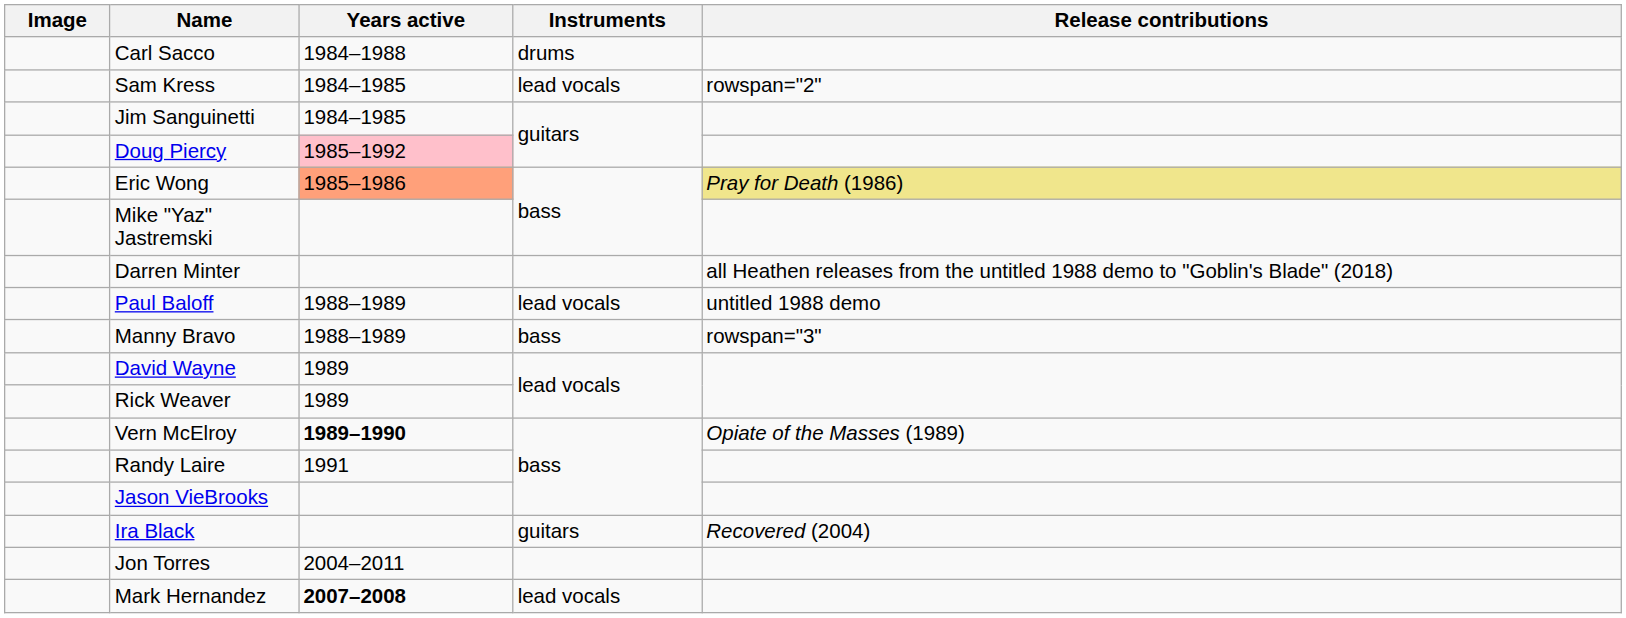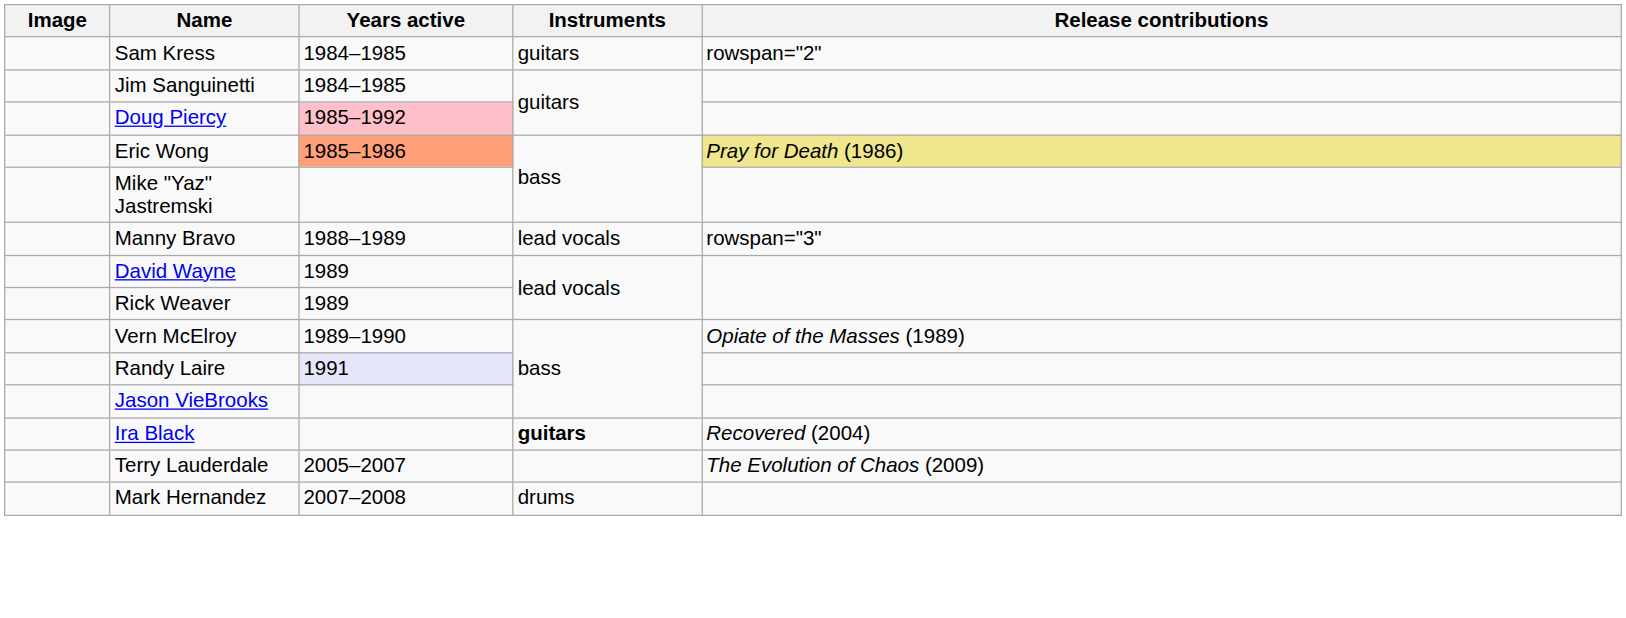 <table class="wikitable" border="1" width=100%>
 <tr>
 <th width="75">Image</th>
 <th width="140">Name</th>
 <th width="160">Years active</th>
 <th width="140">Instruments</th>
 <th>Release contributions</th>
 </tr>
 <tr>
 <td></td>
-<td>Carl Sacco</td>
-<td>1984–1988</td>
-<td>drums</td>
-<td></td>
-</tr>
-<tr>
-<td></td>
 <td>Sam Kress</td>
 <td>1984–1985 </td>
-<td>lead vocals</td>
+<td>guitars</td>
 <td>rowspan="2" </td>
 </tr>
 <tr>
 <td></td>
 <td>Jim Sanguinetti</td>
 <td>1984–1985</td>
 <td rowspan="2">guitars</td>
 </tr>
 <tr>
 <td></td>
 <td><a href='#'>Doug Piercy</a></td>
 <td style="background: pink;">1985–1992</td>
 <td></td>
 </tr>
 <tr>
 <td></td>
 <td>Eric Wong</td>
 <td style="background: lightsalmon;">1985–1986</td>
 <td rowspan="2">bass</td>
 <td style="background: khaki;"><em>Pray for Death</em> (1986)</td>
 </tr>
 <tr>
 <td></td>
 <td>Mike "Yaz" Jastremski</td>
 <td></td>
 <td></td>
 </tr>
 <tr>
 <td></td>
-<td>Darren Minter</td>
-<td></td>
-<td></td>
-<td>all Heathen releases from the untitled 1988 demo to "Goblin's Blade"  (2018)</td>
-</tr>
-<tr>
-<td></td>
-<td><a href='#'>Paul Baloff</a></td>
-<td>1988–1989 </td>
-<td>lead vocals</td>
-<td>untitled 1988 demo</td>
-</tr>
-<tr>
-<td></td>
 <td>Manny Bravo</td>
 <td>1988–1989</td>
-<td>bass</td>
+<td>lead vocals</td>
 <td>rowspan="3" </td>
 </tr>
 <tr>
 <td></td>
 <td><a href='#'>David Wayne</a></td>
 <td>1989 </td>
 <td rowspan="2">lead vocals</td>
 </tr>
 <tr>
 <td></td>
 <td>Rick Weaver</td>
 <td>1989</td>
 </tr>
 <tr>
 <td></td>
 <td>Vern McElroy</td>
-<td><strong>1989–1990</strong></td>
+<td>1989–1990</td>
 <td rowspan="3">bass</td>
 <td><em>Opiate of the Masses</em> (1989)</td>
 </tr>
 <tr>
 <td></td>
 <td>Randy Laire</td>
-<td>1991 </td>
+<td style="background: lavender;">1991 </td>
 <td></td>
 </tr>
 <tr>
 <td></td>
 <td><a href='#'>Jason VieBrooks</a></td>
 <td></td>
 <td></td>
 </tr>
 <tr>
 <td></td>
 <td><a href='#'>Ira Black</a></td>
 <td></td>
-<td>guitars</td>
+<td><strong>guitars</strong></td>
 <td><em>Recovered</em> (2004)</td>
 </tr>
 <tr>
 <td></td>
-<td>Jon Torres</td>
-<td>2004–2011 </td>
+<td>Terry Lauderdale</td>
+<td>2005–2007</td>
 <td></td>
-<td></td>
+<td><em>The Evolution of Chaos</em> (2009) </td>
 </tr>
 <tr>
 <td></td>
 <td>Mark Hernandez</td>
-<td><strong>2007–2008</strong></td>
-<td>lead vocals</td>
+<td>2007–2008</td>
+<td>drums</td>
 <td></td>
 </tr>
 </table>
